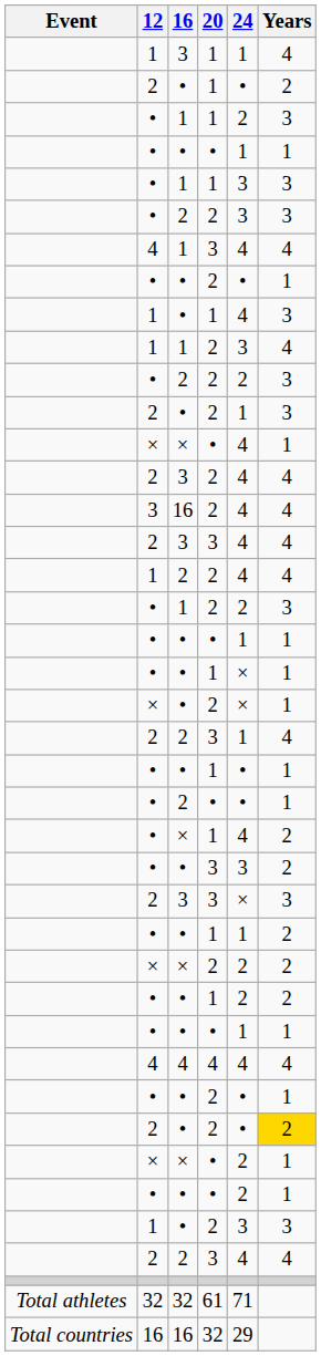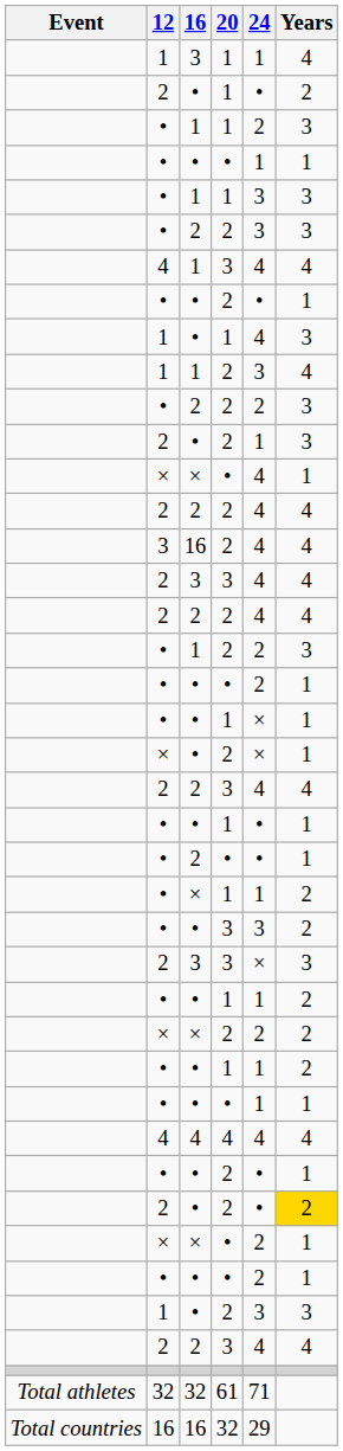 <table class="wikitable" style="text-align:center">
 <tr>
 <th>Event</th>
 <th><a href='#'>12</a></th>
 <th><a href='#'>16</a></th>
 <th><a href='#'>20</a></th>
 <th><a href='#'>24</a></th>
 <th>Years</th>
 </tr>
 <tr>
 <td align=left></td>
 <td>1</td>
 <td>3</td>
 <td>1</td>
 <td>1</td>
 <td>4</td>
 </tr>
 <tr>
 <td align=left></td>
 <td>2</td>
 <td>•</td>
 <td>1</td>
 <td>•</td>
 <td>2</td>
 </tr>
 <tr>
 <td align=left></td>
 <td>•</td>
 <td>1</td>
 <td>1</td>
 <td>2</td>
 <td>3</td>
 </tr>
 <tr>
 <td align=left></td>
 <td>•</td>
 <td>•</td>
 <td>•</td>
 <td>1</td>
 <td>1</td>
 </tr>
 <tr>
 <td align=left></td>
 <td>•</td>
 <td>1</td>
 <td>1</td>
 <td>3</td>
 <td>3</td>
 </tr>
 <tr>
 <td align=left></td>
 <td>•</td>
 <td>2</td>
 <td>2</td>
 <td>3</td>
 <td>3</td>
 </tr>
 <tr>
 <td align=left></td>
 <td>4</td>
 <td>1</td>
 <td>3</td>
 <td>4</td>
 <td>4</td>
 </tr>
 <tr>
 <td align=left></td>
 <td>•</td>
 <td>•</td>
 <td>2</td>
 <td>•</td>
 <td>1</td>
 </tr>
 <tr>
 <td align=left></td>
 <td>1</td>
 <td>•</td>
 <td>1</td>
 <td>4</td>
 <td>3</td>
 </tr>
 <tr>
 <td align=left></td>
 <td>1</td>
 <td>1</td>
 <td>2</td>
 <td>3</td>
 <td>4</td>
 </tr>
 <tr>
 <td align=left></td>
 <td>•</td>
 <td>2</td>
 <td>2</td>
 <td>2</td>
 <td>3</td>
 </tr>
 <tr>
 <td align=left></td>
 <td>2</td>
 <td>•</td>
 <td>2</td>
 <td>1</td>
 <td>3</td>
 </tr>
 <tr>
 <td align=left></td>
 <td>×</td>
 <td>×</td>
 <td>•</td>
 <td>4</td>
 <td>1</td>
 </tr>
 <tr>
 <td align=left></td>
 <td>2</td>
-<td>3</td>
+<td>2</td>
 <td>2</td>
 <td>4</td>
 <td>4</td>
 </tr>
 <tr>
 <td align=left></td>
 <td>3</td>
 <td>16</td>
 <td>2</td>
 <td>4</td>
 <td>4</td>
 </tr>
 <tr>
 <td align=left></td>
 <td>2</td>
 <td>3</td>
 <td>3</td>
 <td>4</td>
 <td>4</td>
 </tr>
 <tr>
 <td align=left></td>
-<td>1</td>
+<td>2</td>
 <td>2</td>
 <td>2</td>
 <td>4</td>
 <td>4</td>
 </tr>
 <tr>
 <td align=left></td>
 <td>•</td>
 <td>1</td>
 <td>2</td>
 <td>2</td>
 <td>3</td>
 </tr>
 <tr>
 <td align=left></td>
 <td>•</td>
 <td>•</td>
 <td>•</td>
-<td>1</td>
+<td>2</td>
 <td>1</td>
 </tr>
 <tr>
 <td align=left></td>
 <td>•</td>
 <td>•</td>
 <td>1</td>
 <td>×</td>
 <td>1</td>
 </tr>
 <tr>
 <td align=left></td>
 <td>×</td>
 <td>•</td>
 <td>2</td>
 <td>×</td>
 <td>1</td>
 </tr>
 <tr>
 <td align=left></td>
 <td>2</td>
 <td>2</td>
 <td>3</td>
-<td>1</td>
+<td>4</td>
 <td>4</td>
 </tr>
 <tr>
 <td align=left></td>
 <td>•</td>
 <td>•</td>
 <td>1</td>
 <td>•</td>
 <td>1</td>
 </tr>
 <tr>
 <td align=left></td>
 <td>•</td>
 <td>2</td>
 <td>•</td>
 <td>•</td>
 <td>1</td>
 </tr>
 <tr>
 <td align=left></td>
 <td>•</td>
 <td>×</td>
 <td>1</td>
-<td>4</td>
+<td>1</td>
 <td>2</td>
 </tr>
 <tr>
 <td align=left></td>
 <td>•</td>
 <td>•</td>
 <td>3</td>
 <td>3</td>
 <td>2</td>
 </tr>
 <tr>
 <td align=left></td>
 <td>2</td>
 <td>3</td>
 <td>3</td>
 <td>×</td>
 <td>3</td>
 </tr>
 <tr>
 <td align=left></td>
 <td>•</td>
 <td>•</td>
 <td>1</td>
 <td>1</td>
 <td>2</td>
 </tr>
 <tr>
 <td align=left></td>
 <td>×</td>
 <td>×</td>
 <td>2</td>
 <td>2</td>
 <td>2</td>
 </tr>
 <tr>
 <td align=left></td>
 <td>•</td>
 <td>•</td>
 <td>1</td>
-<td>2</td>
+<td>1</td>
 <td>2</td>
 </tr>
 <tr>
 <td align=left></td>
 <td>•</td>
 <td>•</td>
 <td>•</td>
 <td>1</td>
 <td>1</td>
 </tr>
 <tr>
 <td align=left></td>
 <td>4</td>
 <td>4</td>
 <td>4</td>
 <td>4</td>
 <td>4</td>
 </tr>
 <tr>
 <td align=left></td>
 <td>•</td>
 <td>•</td>
 <td>2</td>
 <td>•</td>
 <td>1</td>
 </tr>
 <tr>
 <td align=left></td>
 <td>2</td>
 <td>•</td>
 <td>2</td>
 <td>•</td>
 <td style="background: gold;">2</td>
 </tr>
 <tr>
 <td align=left></td>
 <td>×</td>
 <td>×</td>
 <td>•</td>
 <td>2</td>
 <td>1</td>
 </tr>
 <tr>
 <td align=left></td>
 <td>•</td>
 <td>•</td>
 <td>•</td>
 <td>2</td>
 <td>1</td>
 </tr>
 <tr>
 <td align=left></td>
 <td>1</td>
 <td>•</td>
 <td>2</td>
 <td>3</td>
 <td>3</td>
 </tr>
 <tr>
 <td align=left></td>
 <td>2</td>
 <td>2</td>
 <td>3</td>
 <td>4</td>
 <td>4</td>
 </tr>
 <tr bgcolor=lightgray>
 <td></td>
 <td></td>
 <td></td>
 <td></td>
 <td></td>
 <td></td>
 </tr>
 <tr align=center>
 <td><em>Total athletes</em></td>
 <td>32</td>
 <td>32</td>
 <td>61</td>
 <td>71</td>
 <td></td>
 </tr>
 <tr align=center>
 <td><em>Total countries</em></td>
 <td>16</td>
 <td>16</td>
 <td>32</td>
 <td>29</td>
 <td></td>
 </tr>
 </table>
